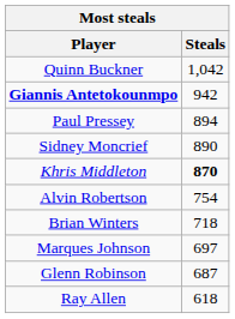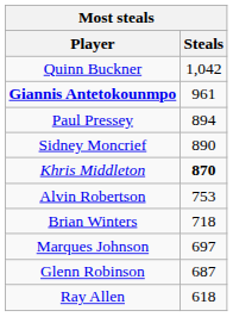 <table class="wikitable sortable" style="text-align:center">
 <tr>
 <th colspan="5">Most steals</th>
 </tr>
 <tr>
 <th>Player</th>
 <th>Steals</th>
 </tr>
 <tr>
 <td><a href='#'>Quinn Buckner</a></td>
 <td>1,042</td>
 </tr>
 <tr>
 <td><strong><a href='#'>Giannis Antetokounmpo</a></strong></td>
-<td>942</td>
+<td>961</td>
 </tr>
 <tr>
 <td><a href='#'>Paul Pressey</a></td>
 <td>894</td>
 </tr>
 <tr>
 <td><a href='#'>Sidney Moncrief</a></td>
 <td>890</td>
 </tr>
 <tr>
 <td><em><a href='#'>Khris Middleton</a></em></td>
 <td><strong>870</strong></td>
 </tr>
 <tr>
 <td><a href='#'>Alvin Robertson</a></td>
-<td>754</td>
+<td>753</td>
 </tr>
 <tr>
 <td><a href='#'>Brian Winters</a></td>
 <td>718</td>
 </tr>
 <tr>
 <td><a href='#'>Marques Johnson</a></td>
 <td>697</td>
 </tr>
 <tr>
 <td><a href='#'>Glenn Robinson</a></td>
 <td>687</td>
 </tr>
 <tr>
 <td><a href='#'>Ray Allen</a></td>
 <td>618</td>
 </tr>
 </table>
